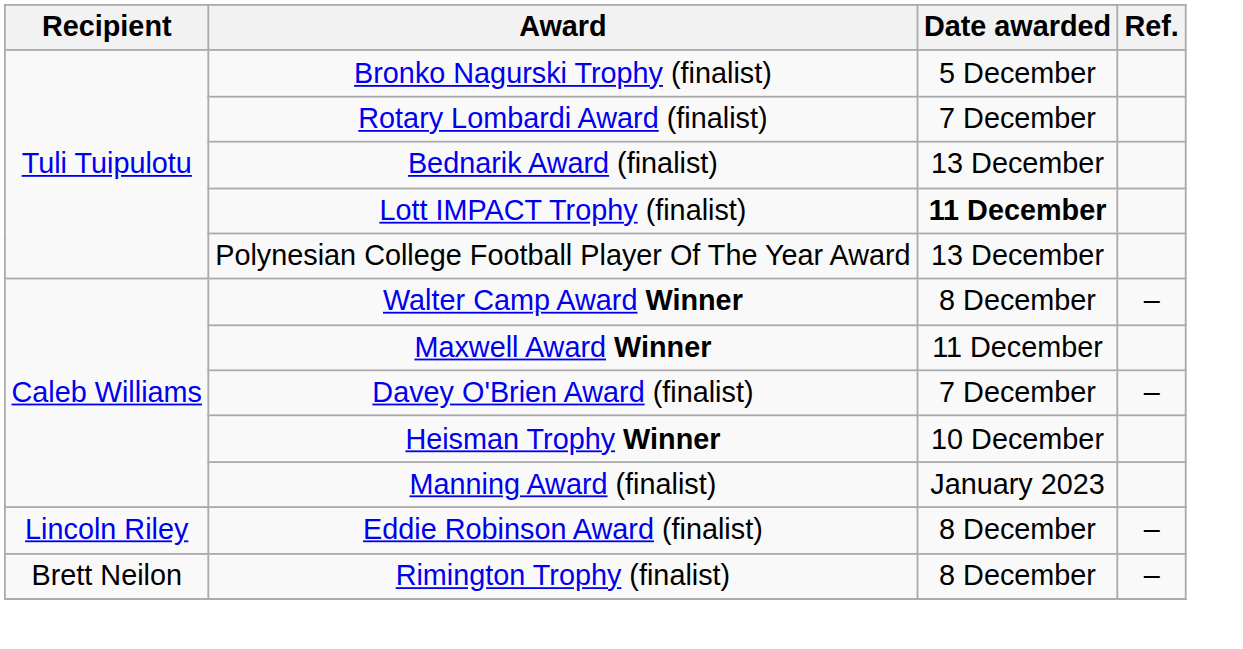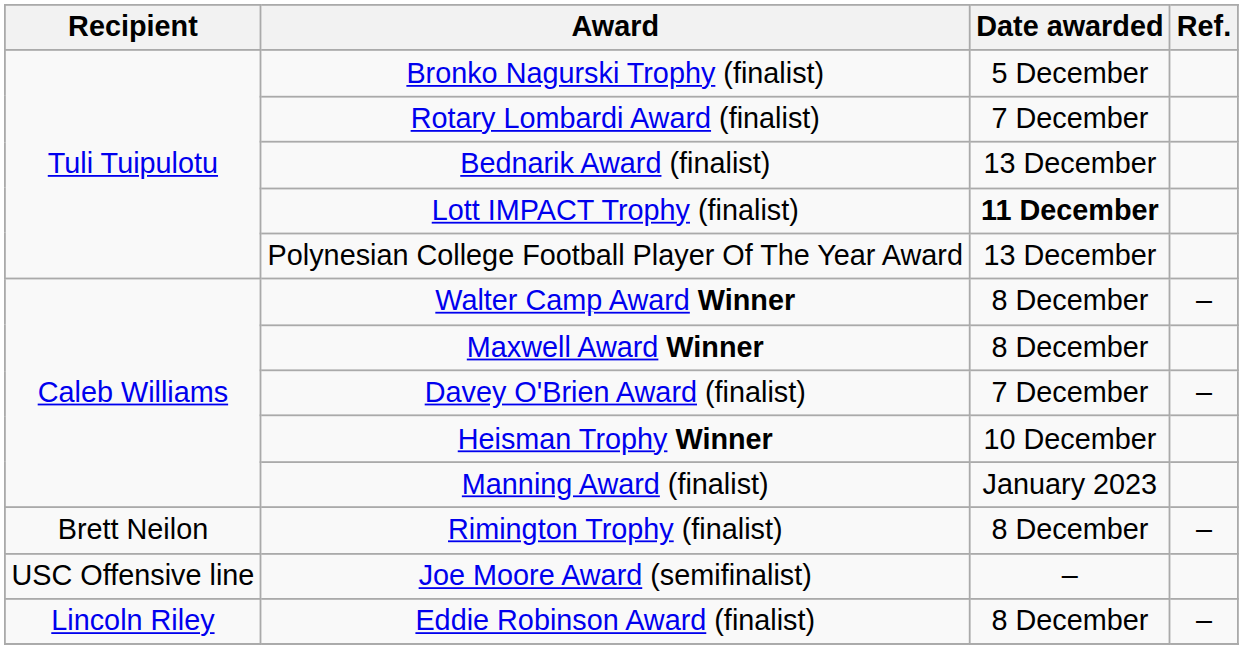 <table class="wikitable sortable" style="text-align:center">
 <tr>
 <th>Recipient</th>
 <th>Award</th>
 <th>Date awarded</th>
 <th>Ref.</th>
 </tr>
 <tr>
 <td rowspan="5"><a href='#'>Tuli Tuipulotu</a></td>
 <td><a href='#'>Bronko Nagurski Trophy</a> (finalist)</td>
 <td>5 December</td>
 <td></td>
 </tr>
 <tr>
 <td><a href='#'>Rotary Lombardi Award</a> (finalist)</td>
 <td>7 December</td>
 <td></td>
 </tr>
 <tr>
 <td><a href='#'>Bednarik Award</a> (finalist)</td>
 <td>13 December</td>
 <td></td>
 </tr>
 <tr>
 <td><a href='#'>Lott IMPACT Trophy</a> (finalist)</td>
 <td><strong>11 December</strong></td>
 <td></td>
 </tr>
 <tr>
 <td>Polynesian College Football Player Of The Year Award</td>
 <td>13 December</td>
 <td></td>
 </tr>
 <tr>
 <td rowspan="5"><a href='#'>Caleb Williams</a></td>
 <td><a href='#'>Walter Camp Award</a> <strong>Winner</strong></td>
 <td>8 December</td>
 <td>–</td>
 </tr>
 <tr>
 <td><a href='#'>Maxwell Award</a> <strong>Winner</strong></td>
-<td>11 December</td>
+<td>8 December</td>
 <td></td>
 </tr>
 <tr>
 <td><a href='#'>Davey O'Brien Award</a> (finalist)</td>
 <td>7 December</td>
 <td>–</td>
 </tr>
 <tr>
 <td><a href='#'>Heisman Trophy</a> <strong>Winner</strong></td>
 <td>10 December</td>
 <td></td>
 </tr>
 <tr>
 <td><a href='#'>Manning Award</a> (finalist)</td>
 <td>January 2023</td>
 <td></td>
 </tr>
 <tr>
+<td>Brett Neilon</td>
+<td><a href='#'>Rimington Trophy</a> (finalist)</td>
+<td>8 December</td>
+<td>–</td>
+</tr>
+<tr>
+<td>USC Offensive line</td>
+<td><a href='#'>Joe Moore Award</a> (semifinalist)</td>
+<td>–</td>
+<td></td>
+</tr>
+<tr>
 <td><a href='#'>Lincoln Riley</a></td>
 <td><a href='#'>Eddie Robinson Award</a> (finalist)</td>
 <td>8 December</td>
 <td>–</td>
 </tr>
 <tr>
-<td>Brett Neilon</td>
-<td><a href='#'>Rimington Trophy</a> (finalist)</td>
-<td>8 December</td>
-<td>–</td>
-</tr>
-<tr>
 </tr>
 </table>
